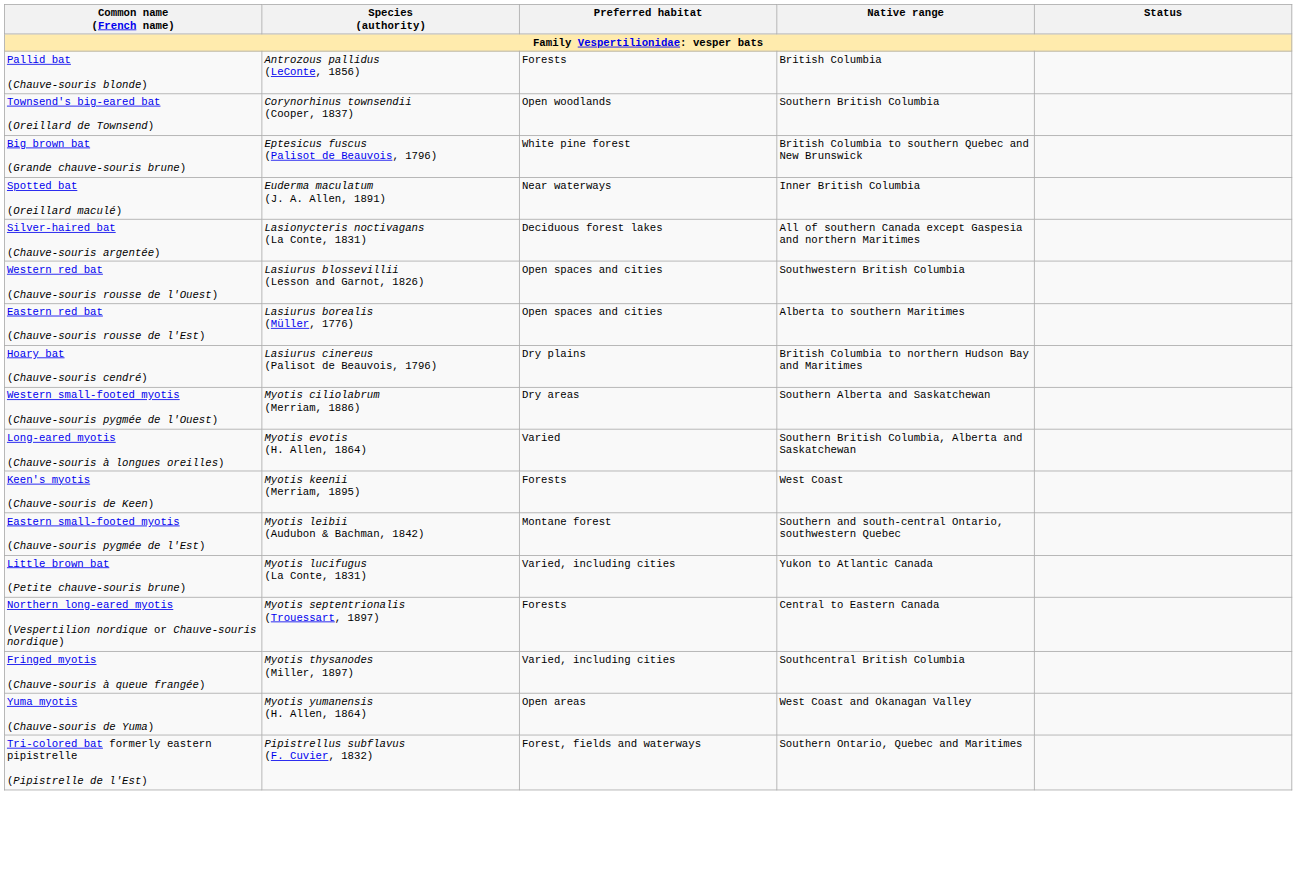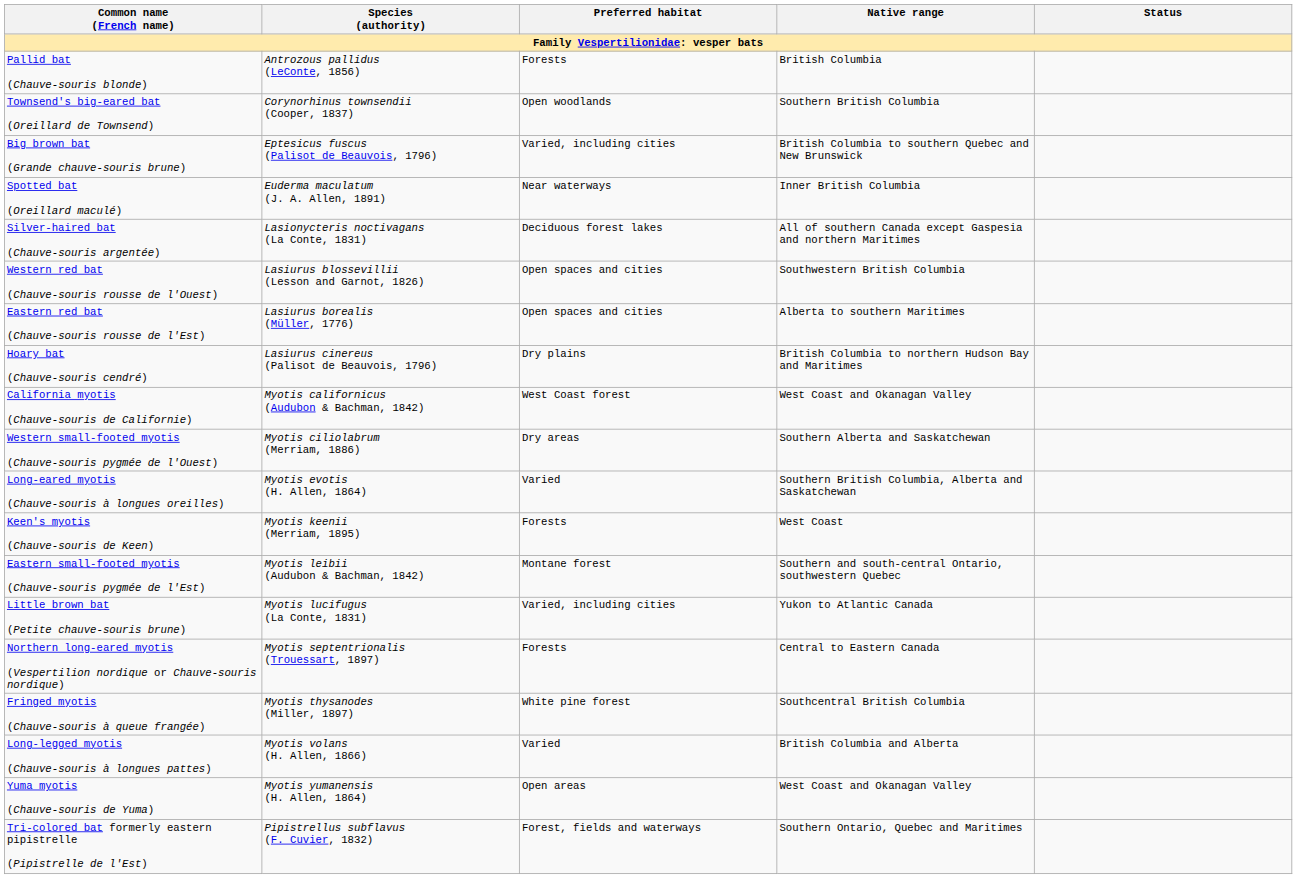 <table class="wikitable sortable sticky-header-multi" style=text-align:center" style="margin:1em auto;">
 <tr valign="top">
 <th style="width:20%;">Common name<br>(<a href='#'>French</a> name)</th>
 <th style="width:20%;">Species<br>(authority)</th>
 <th style="width:20%;">Preferred habitat</th>
 <th style="width:20%;">Native range</th>
 <th style="width:20%;">Status</th>
 </tr>
 <tr>
 <td style="text-align:center;" bgcolor="#ffebad" colspan=5><strong>Family <a href='#'>Vespertilionidae</a>: vesper bats</strong></td>
 </tr>
 <tr valign="top">
 <td><a href='#'>Pallid bat</a><br><br>(<em>Chauve-souris blonde</em>)</td>
 <td><em>Antrozous pallidus</em><br>(<a href='#'>LeConte</a>, 1856)</td>
 <td>Forests</td>
 <td>British Columbia</td>
 <td></td>
 </tr>
 <tr valign="top">
 <td><a href='#'>Townsend's big-eared bat</a><br><br>(<em>Oreillard de Townsend</em>)</td>
 <td><em>Corynorhinus townsendii</em><br>(Cooper, 1837)</td>
 <td>Open woodlands</td>
 <td>Southern British Columbia</td>
 <td></td>
 </tr>
 <tr valign="top">
 <td><a href='#'>Big brown bat</a><br> <br>(<em>Grande chauve-souris brune</em>)</td>
 <td><em>Eptesicus fuscus</em><br>(<a href='#'>Palisot de Beauvois</a>, 1796)</td>
-<td>White pine forest</td>
+<td>Varied, including cities</td>
 <td>British Columbia to southern Quebec and New Brunswick</td>
 <td></td>
 </tr>
 <tr valign="top">
 <td><a href='#'>Spotted bat</a><br> <br>(<em>Oreillard maculé</em>)</td>
 <td><em>Euderma maculatum</em><br>(J. A. Allen, 1891)</td>
 <td>Near waterways</td>
 <td>Inner British Columbia</td>
 <td></td>
 </tr>
 <tr valign="top">
 <td><a href='#'>Silver-haired bat</a><br><br>(<em>Chauve-souris argentée</em>)</td>
 <td><em>Lasionycteris noctivagans</em><br>(La Conte, 1831)</td>
 <td>Deciduous forest lakes</td>
 <td>All of southern Canada except Gaspesia and northern Maritimes</td>
 <td></td>
 </tr>
 <tr valign="top">
 <td><a href='#'>Western red bat</a><br> <br>(<em>Chauve-souris rousse de l'Ouest</em>)</td>
 <td><em>Lasiurus blossevillii</em><br>(Lesson and Garnot, 1826)</td>
 <td>Open spaces and cities</td>
 <td>Southwestern British Columbia</td>
 <td></td>
 </tr>
 <tr valign="top">
 <td><a href='#'>Eastern red bat</a><br><br>(<em>Chauve-souris rousse de l'Est</em>)</td>
 <td><em>Lasiurus borealis</em><br>(<a href='#'>Müller</a>, 1776)</td>
 <td>Open spaces and cities</td>
 <td>Alberta to southern Maritimes</td>
 <td></td>
 </tr>
 <tr valign="top">
 <td><a href='#'>Hoary bat</a><br><br>(<em>Chauve-souris cendré</em>)</td>
 <td><em>Lasiurus cinereus</em><br>(Palisot de Beauvois, 1796)</td>
 <td>Dry plains</td>
 <td>British Columbia to northern Hudson Bay and Maritimes</td>
+<td></td>
+</tr>
+<tr valign="top">
+<td><a href='#'>California myotis</a><br><br>(<em>Chauve-souris de Californie</em>)</td>
+<td><em>Myotis californicus</em><br>(<a href='#'>Audubon</a> & Bachman, 1842)</td>
+<td>West Coast forest</td>
+<td>West Coast and Okanagan Valley</td>
 <td></td>
 </tr>
 <tr valign="top">
 <td><a href='#'>Western small-footed myotis</a><br> <br>(<em>Chauve-souris pygmée de l'Ouest</em>)</td>
 <td><em>Myotis ciliolabrum</em><br>(Merriam, 1886)</td>
 <td>Dry areas</td>
 <td>Southern Alberta and Saskatchewan</td>
 <td></td>
 </tr>
 <tr valign="top">
 <td><a href='#'>Long-eared myotis</a><br> <br>(<em>Chauve-souris à longues oreilles</em>)</td>
 <td><em>Myotis evotis</em><br>(H. Allen, 1864)</td>
 <td>Varied</td>
 <td>Southern British Columbia, Alberta and Saskatchewan</td>
 <td></td>
 </tr>
 <tr valign="top">
 <td><a href='#'>Keen's myotis</a><br> <br>(<em>Chauve-souris de Keen</em>)</td>
 <td><em>Myotis keenii</em><br>(Merriam, 1895)</td>
 <td>Forests</td>
 <td>West Coast</td>
 <td></td>
 </tr>
 <tr valign="top">
 <td><a href='#'>Eastern small-footed myotis</a><br> <br>(<em>Chauve-souris pygmée de l'Est</em>)</td>
 <td><em>Myotis leibii</em><br>(Audubon & Bachman, 1842)</td>
 <td>Montane forest</td>
 <td>Southern and south-central Ontario, southwestern Quebec</td>
 <td></td>
 </tr>
 <tr valign="top">
 <td><a href='#'>Little brown bat</a><br><br>(<em>Petite chauve-souris brune</em>)</td>
 <td><em>Myotis lucifugus</em><br>(La Conte, 1831)</td>
 <td>Varied, including cities</td>
 <td>Yukon to Atlantic Canada</td>
 <td></td>
 </tr>
 <tr valign="top">
 <td><a href='#'>Northern long-eared myotis</a><br><br>(<em>Vespertilion nordique</em> or <em>Chauve-souris nordique</em>)</td>
 <td><em>Myotis septentrionalis</em><br>(<a href='#'>Trouessart</a>, 1897)</td>
 <td>Forests</td>
 <td>Central to Eastern Canada</td>
 <td></td>
 </tr>
 <tr valign="top">
 <td><a href='#'>Fringed myotis</a><br> <br>(<em>Chauve-souris à queue frangée</em>)</td>
 <td><em>Myotis thysanodes</em><br>(Miller, 1897)</td>
-<td>Varied, including cities</td>
+<td>White pine forest</td>
 <td>Southcentral British Columbia</td>
+<td></td>
+</tr>
+<tr valign="top">
+<td><a href='#'>Long-legged myotis</a><br><br>(<em>Chauve-souris à longues pattes</em>)</td>
+<td><em>Myotis volans</em><br>(H. Allen, 1866)</td>
+<td>Varied</td>
+<td>British Columbia and Alberta</td>
 <td></td>
 </tr>
 <tr valign="top">
 <td><a href='#'>Yuma myotis</a><br> <br>(<em>Chauve-souris de Yuma</em>)</td>
 <td><em>Myotis yumanensis</em><br>(H. Allen, 1864)</td>
 <td>Open areas</td>
 <td>West Coast and Okanagan Valley</td>
 <td></td>
 </tr>
 <tr valign="top">
 <td><a href='#'>Tri-colored bat</a> formerly eastern pipistrelle<br> <br>(<em>Pipistrelle de l'Est</em>)</td>
 <td><em>Pipistrellus subflavus</em><br>(<a href='#'>F. Cuvier</a>, 1832)</td>
 <td>Forest, fields and waterways</td>
 <td>Southern Ontario, Quebec and Maritimes</td>
 <td></td>
 </tr>
 </table>
